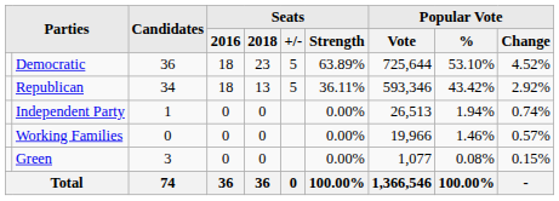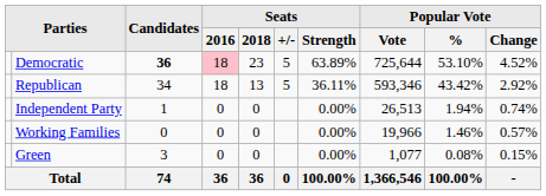 <table class=wikitable>
 <tr>
 <th style="background-color:#E9E9E9" align=center rowspan= 2 colspan=2>Parties</th>
 <th style="background-color:#E9E9E9" align=center rowspan= 2>Candidates</th>
 <th style="background-color:#E9E9E9" align=center colspan=4>Seats</th>
 <th style="background-color:#E9E9E9" align=center colspan=3>Popular Vote</th>
 </tr>
 <tr>
 <th align=center>2016</th>
 <th align=center>2018</th>
 <th align=center>+/-</th>
 <th align=center>Strength</th>
 <th align=center>Vote</th>
 <th align=center>%</th>
 <th align=center>Change</th>
 </tr>
 <tr>
 <td></td>
 <td align=left><a href='#'>Democratic</a></td>
-<td align=center>36</td>
-<td align=center >18</td>
+<td align=center><strong>36</strong></td>
+<td align=center  style="background: pink;">18</td>
 <td align=center >23</td>
 <td align=center> 5</td>
 <td align=right >63.89%</td>
 <td align=right >725,644</td>
 <td align=right >53.10%</td>
 <td align=right> 4.52%</td>
 </tr>
 <tr>
 <td></td>
 <td align=left><a href='#'>Republican</a></td>
 <td align=center>34</td>
 <td align=center >18</td>
 <td align=center>13</td>
 <td align=center> 5</td>
 <td align=right>36.11%</td>
 <td align=right>593,346</td>
 <td align=right>43.42%</td>
 <td align=right> 2.92%</td>
 </tr>
 <tr>
 <td></td>
 <td><a href='#'>Independent Party</a></td>
 <td align=center>1 </td>
 <td align=center>0</td>
 <td align=center>0</td>
 <td align=center><br></td>
 <td align=right>0.00%</td>
 <td align=right>26,513</td>
 <td align=right>1.94%</td>
 <td align=right> 0.74%</td>
 </tr>
 <tr>
 <td></td>
 <td align=left><a href='#'>Working Families</a></td>
 <td align=center>0 </td>
 <td align=center>0</td>
 <td align=center>0</td>
 <td align=center><br></td>
 <td align=right>0.00%</td>
 <td align=right>19,966</td>
 <td align=right>1.46%</td>
 <td align=right> 0.57%</td>
 </tr>
 <tr>
 <td></td>
 <td align=left><a href='#'>Green</a></td>
 <td align=center>3</td>
 <td align=center>0</td>
 <td align=center>0</td>
 <td align=center><br></td>
 <td align=right>0.00%</td>
 <td align=right>1,077</td>
 <td align=right>0.08%</td>
 <td align=right> 0.15%</td>
 </tr>
 <tr>
 <th align=center colspan="2">Total</th>
 <th align=center>74</th>
 <th align=center>36</th>
 <th align=center>36</th>
 <th align=center>0</th>
 <th align=center>100.00%</th>
 <th align=center>1,366,546</th>
 <th align=center>100.00%</th>
 <th align=center>-</th>
 </tr>
 </table>
